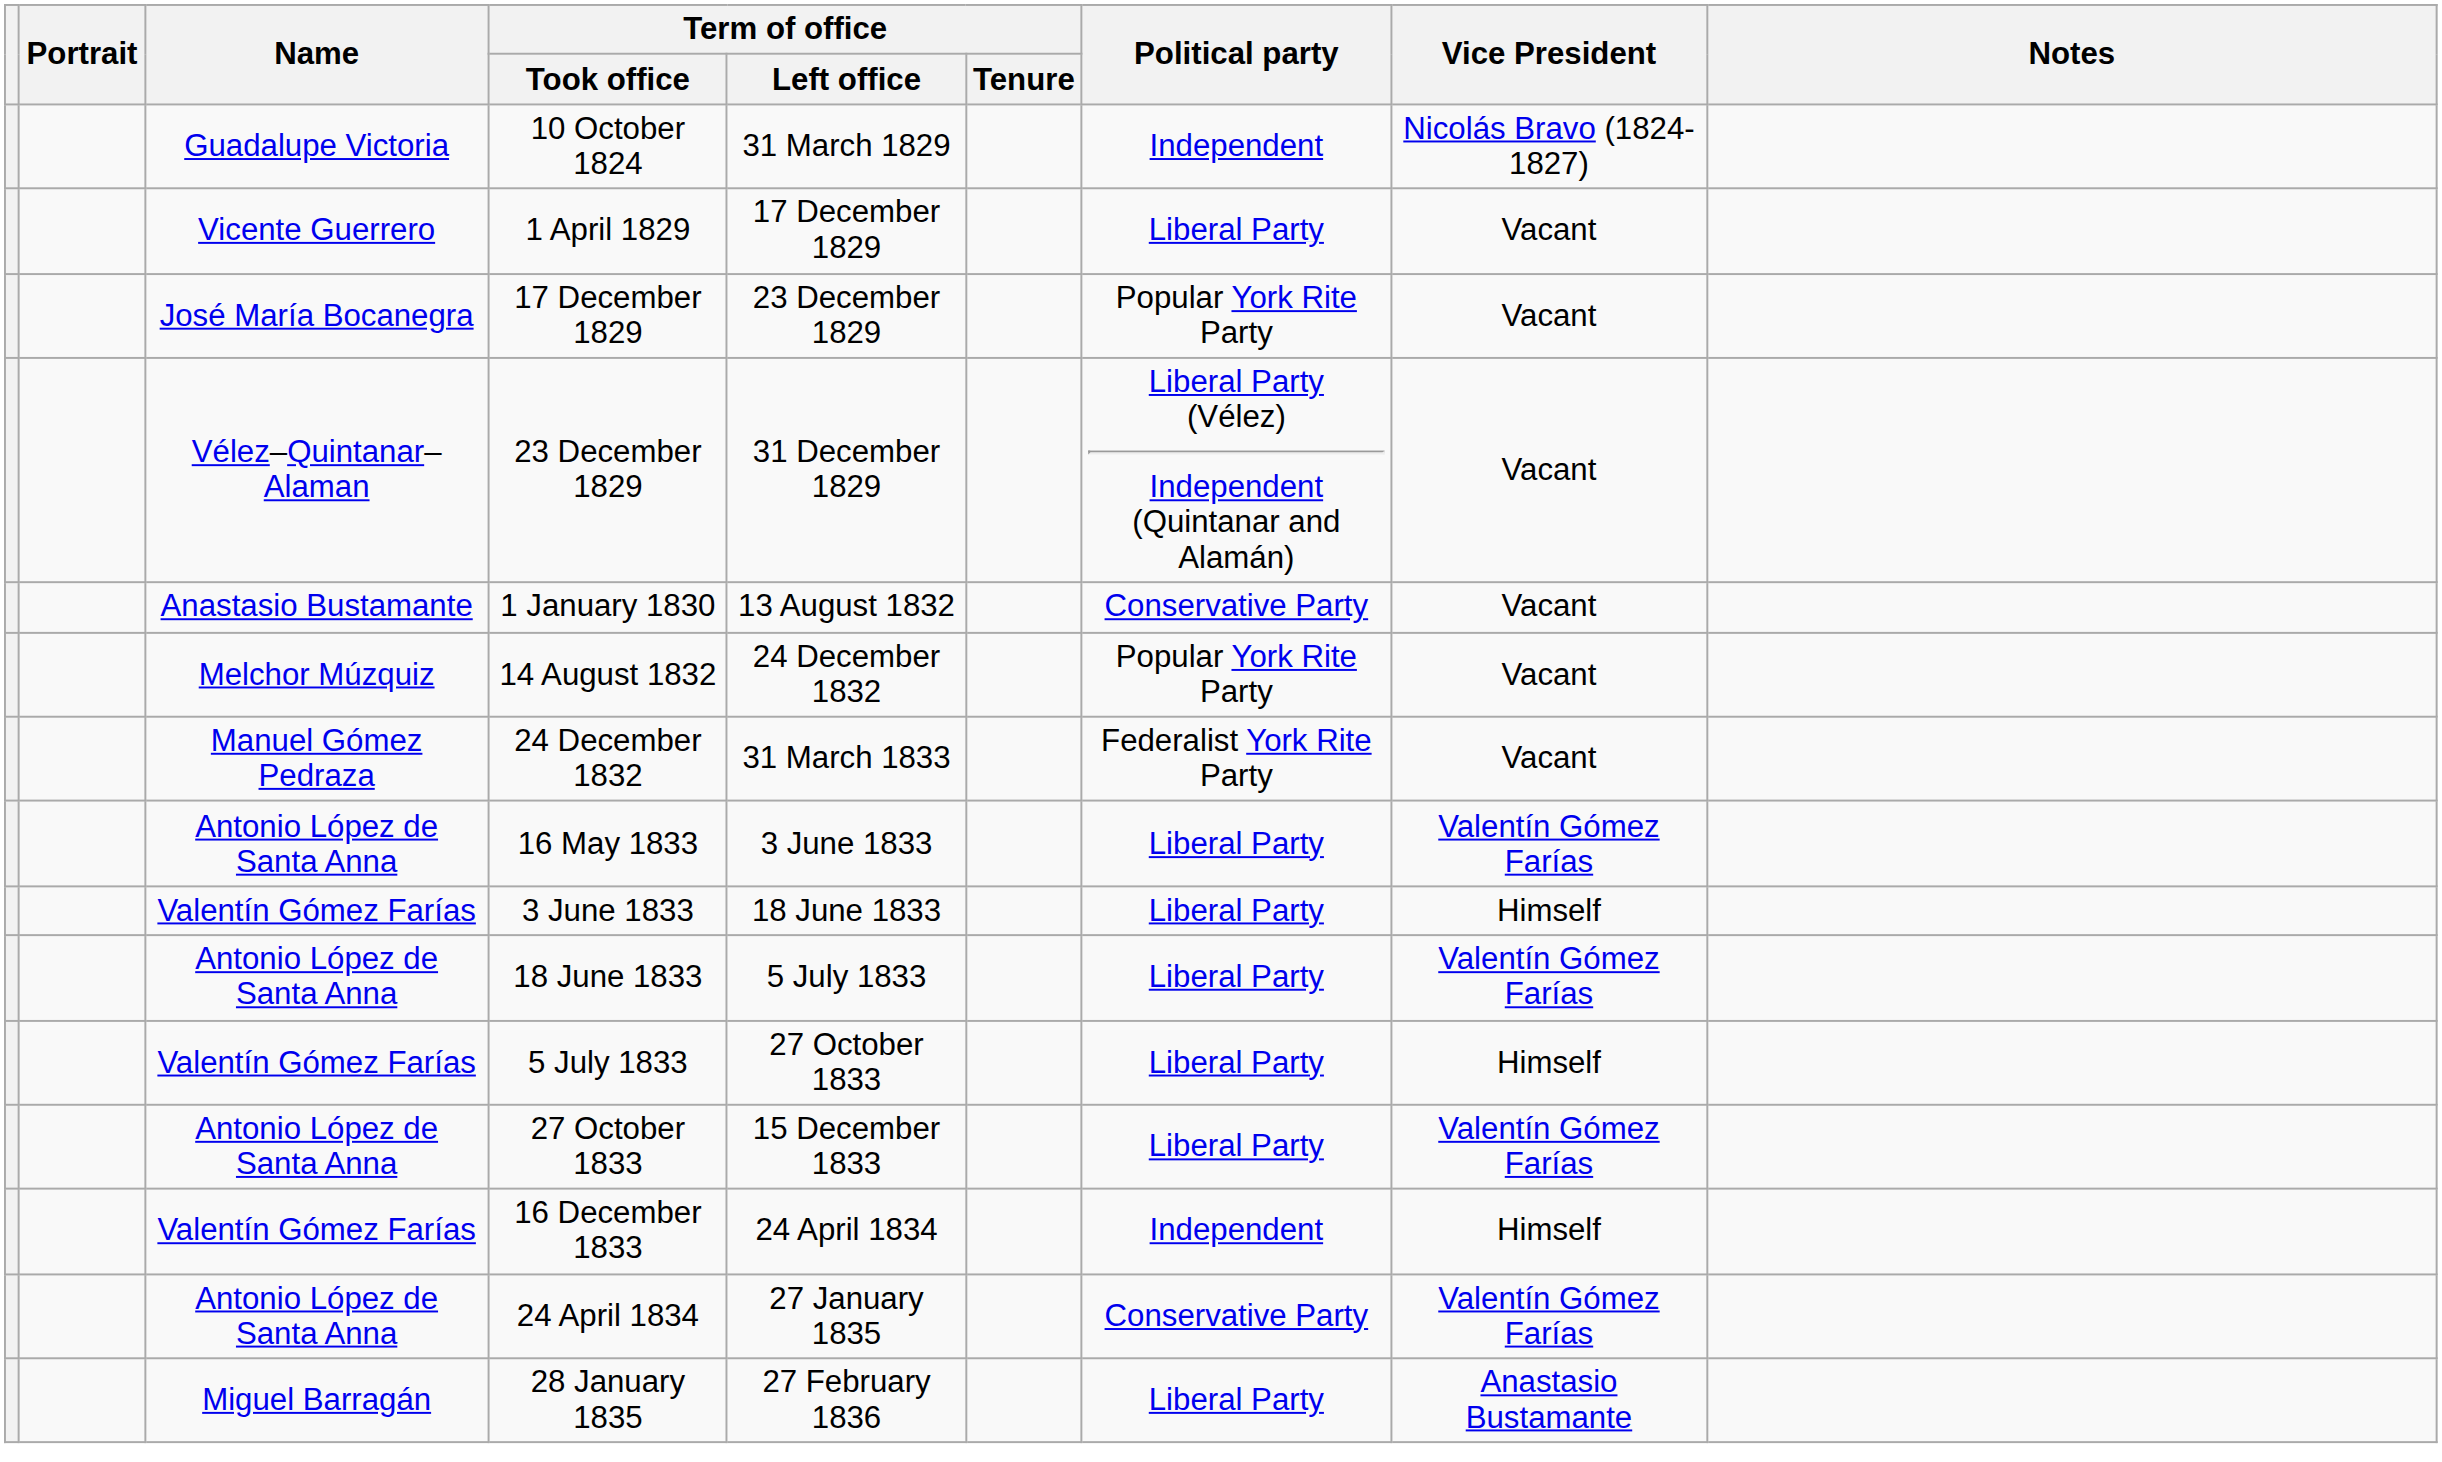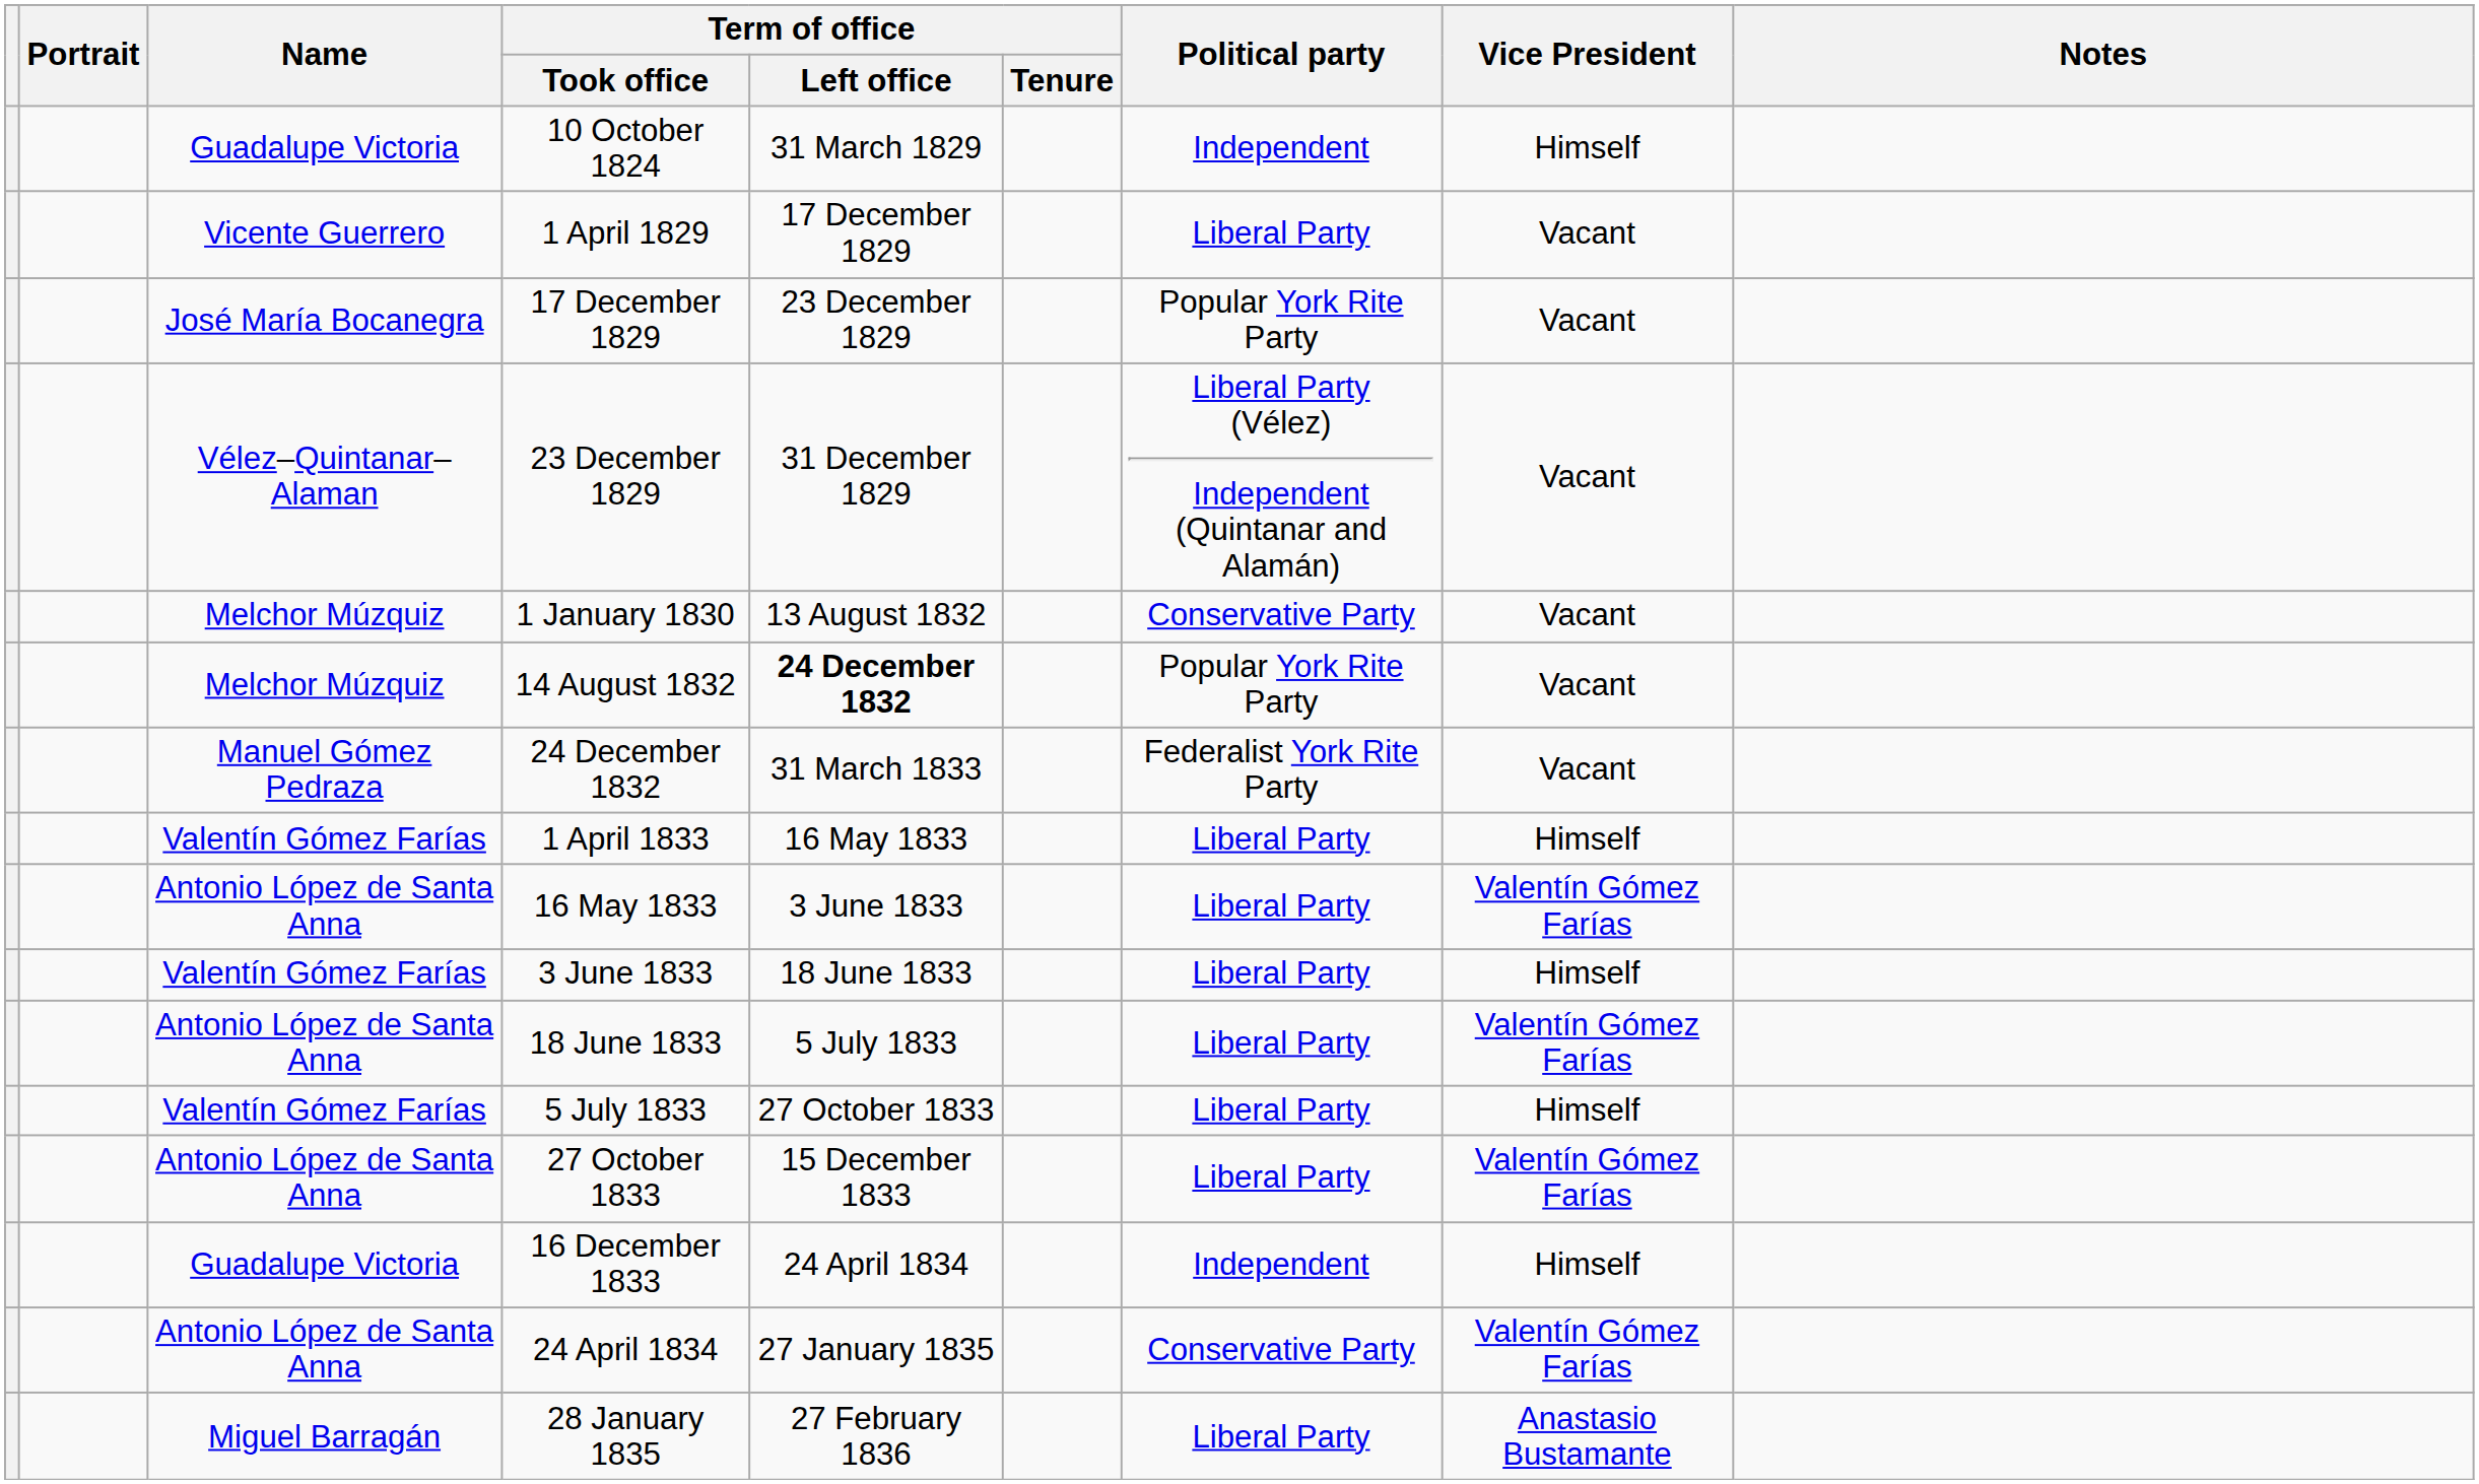 <table class="wikitable" style="text-align:center;">
 <tr>
 <th rowspan="2"></th>
 <th rowspan="2">Portrait</th>
 <th rowspan="2">Name<br></th>
 <th colspan="3">Term of office</th>
 <th rowspan="2">Political party</th>
 <th rowspan="2">Vice President</th>
 <th rowspan="2">Notes</th>
 </tr>
 <tr>
 <th>Took office</th>
 <th>Left office</th>
 <th>Tenure</th>
 </tr>
 <tr>
 <th style="background:"></th>
 <td></td>
 <td><a href='#'>Guadalupe Victoria</a><br></td>
 <td>10 October 1824</td>
 <td>31 March 1829</td>
 <td></td>
 <td><a href='#'>Independent</a></td>
-<td><a href='#'>Nicolás Bravo</a> (1824-1827)</td>
+<td>Himself</td>
 <td style="width:30%;"></td>
 </tr>
 <tr>
 <th style="background:"></th>
 <td></td>
 <td><a href='#'>Vicente Guerrero</a><br></td>
 <td>1 April 1829</td>
 <td>17 December 1829</td>
 <td></td>
 <td><a href='#'>Liberal Party</a></td>
 <td>Vacant</td>
 <td></td>
 </tr>
 <tr>
 <th style="background:"></th>
 <td></td>
 <td><a href='#'>José María Bocanegra</a><br></td>
 <td>17 December 1829</td>
 <td>23 December 1829</td>
 <td></td>
 <td>Popular <a href='#'>York Rite</a> Party<br></td>
 <td>Vacant</td>
 <td></td>
 </tr>
 <tr>
 <th style="background:"></th>
 <td></td>
 <td><a href='#'>Vélez</a>–<a href='#'>Quintanar</a>–<a href='#'>Alaman</a><br></td>
 <td>23 December 1829</td>
 <td>31 December 1829</td>
 <td></td>
 <td><a href='#'>Liberal Party</a><br>(Vélez) <hr> <a href='#'>Independent</a><br>(Quintanar and Alamán)</td>
 <td>Vacant</td>
 <td></td>
 </tr>
 <tr>
 <th style="background:"></th>
 <td></td>
-<td><a href='#'>Anastasio Bustamante</a><br></td>
+<td><a href='#'>Melchor Múzquiz</a><br></td>
 <td>1 January 1830</td>
 <td>13 August 1832</td>
 <td></td>
 <td><a href='#'>Conservative Party</a></td>
 <td>Vacant</td>
 <td></td>
 </tr>
 <tr>
 <th style="background:"></th>
 <td></td>
 <td><a href='#'>Melchor Múzquiz</a><br></td>
 <td>14 August 1832</td>
-<td>24 December 1832</td>
+<td><strong>24 December 1832</strong></td>
 <td></td>
 <td>Popular <a href='#'>York Rite</a> Party<br></td>
 <td>Vacant</td>
 <td></td>
 </tr>
 <tr>
 <th style="background:"></th>
 <td></td>
 <td><a href='#'>Manuel Gómez Pedraza</a><br></td>
 <td>24 December 1832</td>
 <td>31 March 1833</td>
 <td></td>
 <td>Federalist <a href='#'>York Rite</a> Party<br></td>
 <td>Vacant</td>
 <td></td>
+</tr>
+<tr>
+<th style="background:"></th>
+<td></td>
+<td><a href='#'>Valentín Gómez Farías</a><br></td>
+<td>1 April 1833</td>
+<td>16 May 1833</td>
+<td></td>
+<td><a href='#'>Liberal Party</a></td>
+<td>Himself</td>
+<td><br></td>
 </tr>
 <tr>
 <th style="background:"></th>
 <td></td>
 <td><a href='#'>Antonio López de Santa Anna</a><br></td>
 <td>16 May 1833</td>
 <td>3 June 1833</td>
 <td></td>
 <td><a href='#'>Liberal Party</a></td>
 <td><a href='#'>Valentín Gómez Farías</a></td>
 <td><br></td>
 </tr>
 <tr>
 <th style="background:"></th>
 <td></td>
 <td><a href='#'>Valentín Gómez Farías</a><br></td>
 <td>3 June 1833</td>
 <td>18 June 1833</td>
 <td></td>
 <td><a href='#'>Liberal Party</a></td>
 <td>Himself</td>
 <td></td>
 </tr>
 <tr>
 <th style="background:"></th>
 <td></td>
 <td><a href='#'>Antonio López de Santa Anna</a><br></td>
 <td>18 June 1833</td>
 <td>5 July 1833</td>
 <td></td>
 <td><a href='#'>Liberal Party</a></td>
 <td><a href='#'>Valentín Gómez Farías</a></td>
 <td></td>
 </tr>
 <tr>
 <th style="background:"></th>
 <td></td>
 <td><a href='#'>Valentín Gómez Farías</a><br></td>
 <td>5 July 1833</td>
 <td>27 October 1833</td>
 <td></td>
 <td><a href='#'>Liberal Party</a></td>
 <td>Himself</td>
 <td></td>
 </tr>
 <tr>
 <th style="background:"></th>
 <td></td>
 <td><a href='#'>Antonio López de Santa Anna</a><br></td>
 <td>27 October 1833</td>
 <td>15 December 1833</td>
 <td></td>
 <td><a href='#'>Liberal Party</a></td>
 <td><a href='#'>Valentín Gómez Farías</a></td>
 <td></td>
 </tr>
 <tr>
 <th style="background:"></th>
 <td></td>
-<td><a href='#'>Valentín Gómez Farías</a><br></td>
+<td><a href='#'>Guadalupe Victoria</a><br></td>
 <td>16 December 1833</td>
 <td>24 April 1834</td>
 <td></td>
 <td><a href='#'>Independent</a></td>
 <td>Himself</td>
 <td></td>
 </tr>
 <tr>
 <th style="background:"></th>
 <td></td>
 <td><a href='#'>Antonio López de Santa Anna</a><br></td>
 <td>24 April 1834</td>
 <td>27 January 1835</td>
 <td></td>
 <td><a href='#'>Conservative Party</a></td>
 <td><a href='#'>Valentín Gómez Farías</a></td>
 <td></td>
 </tr>
 <tr>
 <th style="background:"></th>
 <td></td>
 <td><a href='#'>Miguel Barragán</a><br></td>
 <td>28 January 1835</td>
 <td>27 February 1836</td>
 <td></td>
 <td><a href='#'>Liberal Party</a></td>
 <td><a href='#'>Anastasio Bustamante</a></td>
 <td></td>
 </tr>
 </table>
